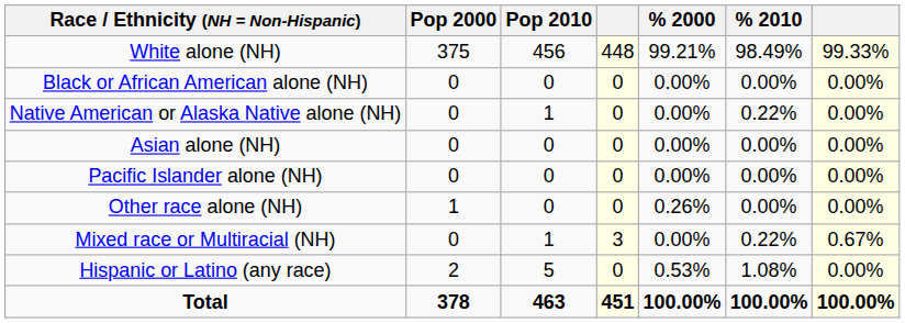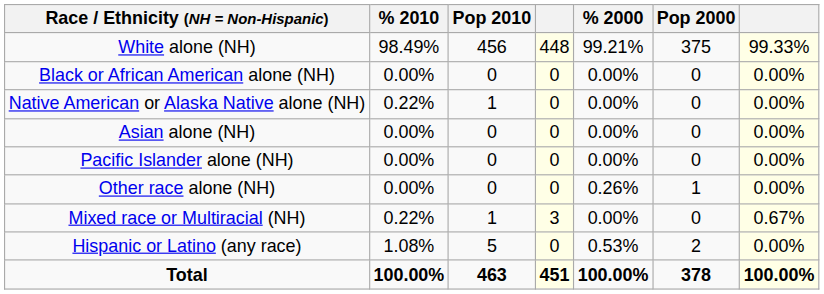 <table class="wikitable" style="text-align:center;">
 <tr>
 <th>Race / Ethnicity <small>(<em>NH = Non-Hispanic</em>)</small></th>
-<th>Pop 2000</th>
+<th>% 2010</th>
 <th>Pop 2010</th>
 <th></th>
 <th>% 2000</th>
-<th>% 2010</th>
+<th>Pop 2000</th>
 <th></th>
 </tr>
 <tr>
 <td><a href='#'>White</a> alone (NH)</td>
-<td>375</td>
+<td>98.49%</td>
 <td>456</td>
 <td style='background: #ffffe6;'>448</td>
 <td>99.21%</td>
-<td>98.49%</td>
+<td>375</td>
 <td style='background: #ffffe6;'>99.33%</td>
 </tr>
 <tr>
 <td><a href='#'>Black or African American</a> alone (NH)</td>
-<td>0</td>
+<td>0.00%</td>
 <td>0</td>
 <td style='background: #ffffe6;'>0</td>
 <td>0.00%</td>
-<td>0.00%</td>
+<td>0</td>
 <td style='background: #ffffe6;'>0.00%</td>
 </tr>
 <tr>
 <td><a href='#'>Native American</a> or <a href='#'>Alaska Native</a> alone (NH)</td>
-<td>0</td>
+<td>0.22%</td>
 <td>1</td>
 <td style='background: #ffffe6;'>0</td>
 <td>0.00%</td>
-<td>0.22%</td>
+<td>0</td>
 <td style='background: #ffffe6;'>0.00%</td>
 </tr>
 <tr>
 <td><a href='#'>Asian</a> alone (NH)</td>
-<td>0</td>
+<td>0.00%</td>
 <td>0</td>
 <td style='background: #ffffe6;'>0</td>
 <td>0.00%</td>
-<td>0.00%</td>
+<td>0</td>
 <td style='background: #ffffe6;'>0.00%</td>
 </tr>
 <tr>
 <td><a href='#'>Pacific Islander</a> alone (NH)</td>
-<td>0</td>
+<td>0.00%</td>
 <td>0</td>
 <td style='background: #ffffe6;'>0</td>
 <td>0.00%</td>
-<td>0.00%</td>
+<td>0</td>
 <td style='background: #ffffe6;'>0.00%</td>
 </tr>
 <tr>
 <td><a href='#'>Other race</a> alone (NH)</td>
-<td>1</td>
+<td>0.00%</td>
 <td>0</td>
 <td style='background: #ffffe6;'>0</td>
 <td>0.26%</td>
-<td>0.00%</td>
+<td>1</td>
 <td style='background: #ffffe6;'>0.00%</td>
 </tr>
 <tr>
 <td><a href='#'>Mixed race or Multiracial</a> (NH)</td>
-<td>0</td>
+<td>0.22%</td>
 <td>1</td>
 <td style='background: #ffffe6;'>3</td>
 <td>0.00%</td>
-<td>0.22%</td>
+<td>0</td>
 <td style='background: #ffffe6;'>0.67%</td>
 </tr>
 <tr>
 <td><a href='#'>Hispanic or Latino</a> (any race)</td>
-<td>2</td>
+<td>1.08%</td>
 <td>5</td>
 <td style='background: #ffffe6;'>0</td>
 <td>0.53%</td>
-<td>1.08%</td>
+<td>2</td>
 <td style='background: #ffffe6;'>0.00%</td>
 </tr>
 <tr>
 <td><strong>Total</strong></td>
-<td><strong>378</strong></td>
+<td><strong>100.00%</strong></td>
 <td><strong>463</strong></td>
 <td style='background: #ffffe6;'><strong>451</strong></td>
 <td><strong>100.00%</strong></td>
-<td><strong>100.00%</strong></td>
+<td><strong>378</strong></td>
 <td style='background: #ffffe6;'><strong>100.00%</strong></td>
 </tr>
 </table>
